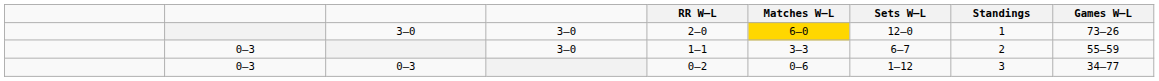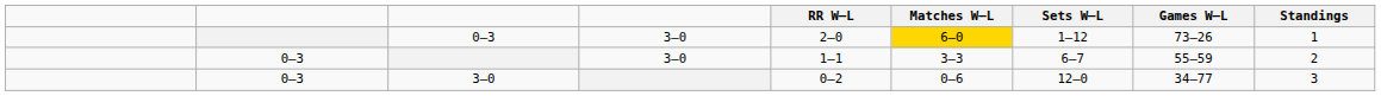 <table class="wikitable" style="width: 100%; text-align:center; font-size:90%">
 <tr>
 <td width=130></td>
 <td width=130></td>
 <td width=130></td>
 <td width=130></td>
 <th width=80>RR W–L</th>
 <th width=80>Matches W–L</th>
 <th width=80>Sets W–L</th>
+<th width=80>Games W–L</th>
 <th width=80>Standings</th>
-<th width=80>Games W–L</th>
 </tr>
 <tr>
 <td style="text-align:left;"></td>
 <th bgcolor="ededed"></th>
-<td>3–0</td>
+<td>0–3</td>
 <td>3–0</td>
 <td>2–0</td>
 <td style="background: gold;">6–0</td>
-<td>12–0</td>
+<td>1–12</td>
+<td>73–26</td>
 <td>1</td>
-<td>73–26</td>
 </tr>
 <tr>
 <td style="text-align:left;"></td>
 <td>0–3</td>
 <th bgcolor="ededed"></th>
 <td>3–0</td>
 <td>1–1</td>
 <td>3–3</td>
 <td>6–7</td>
+<td>55–59</td>
 <td>2</td>
-<td>55–59</td>
 </tr>
 <tr>
 <td style="text-align:left;"></td>
 <td>0–3</td>
-<td>0–3</td>
+<td>3–0</td>
 <th bgcolor="ededed"></th>
 <td>0–2</td>
 <td>0–6</td>
-<td>1–12</td>
+<td>12–0</td>
+<td>34–77</td>
 <td>3</td>
-<td>34–77</td>
 </tr>
 </table>
